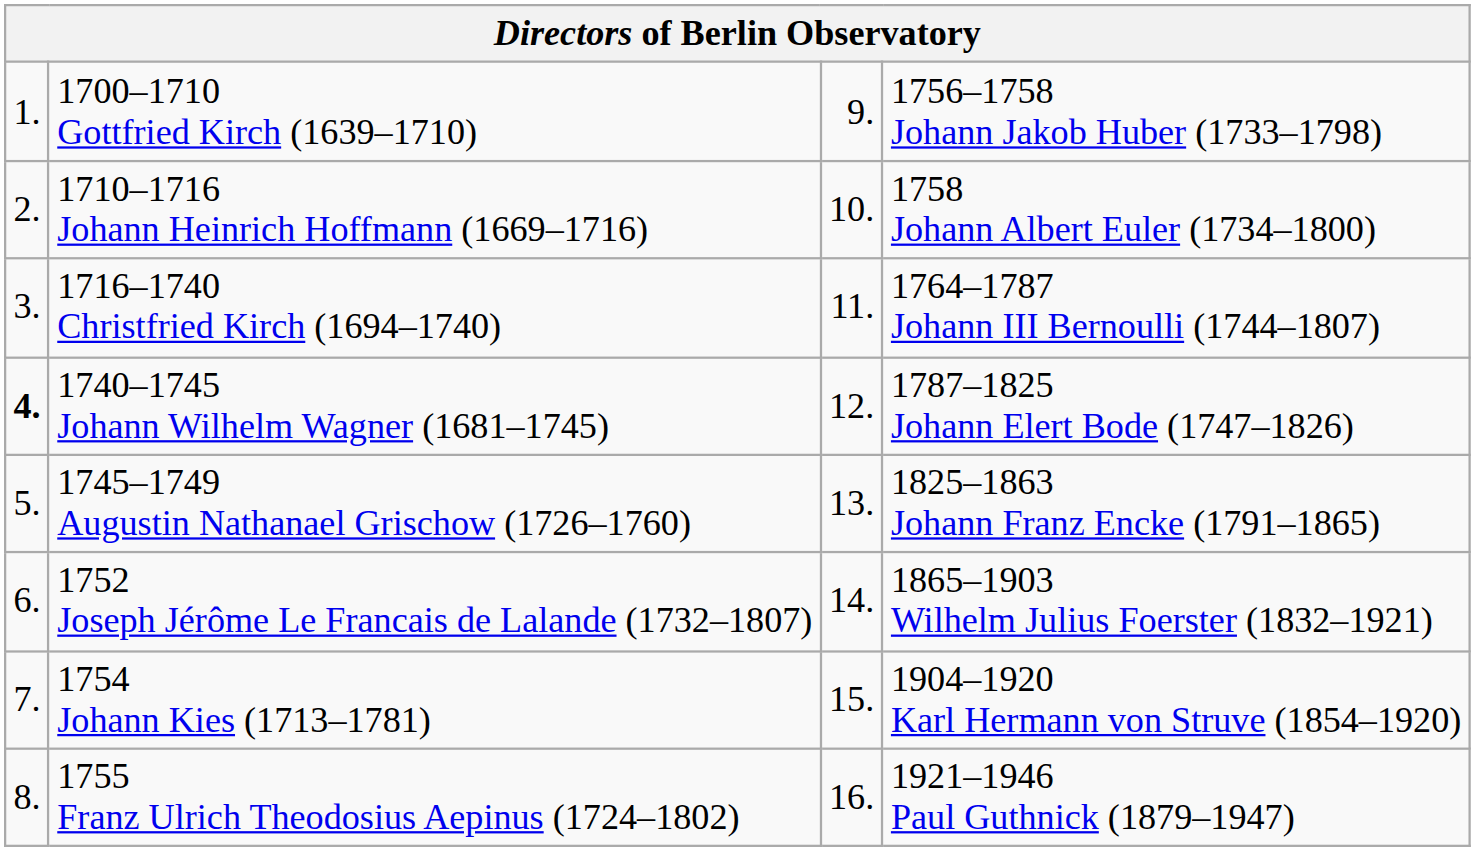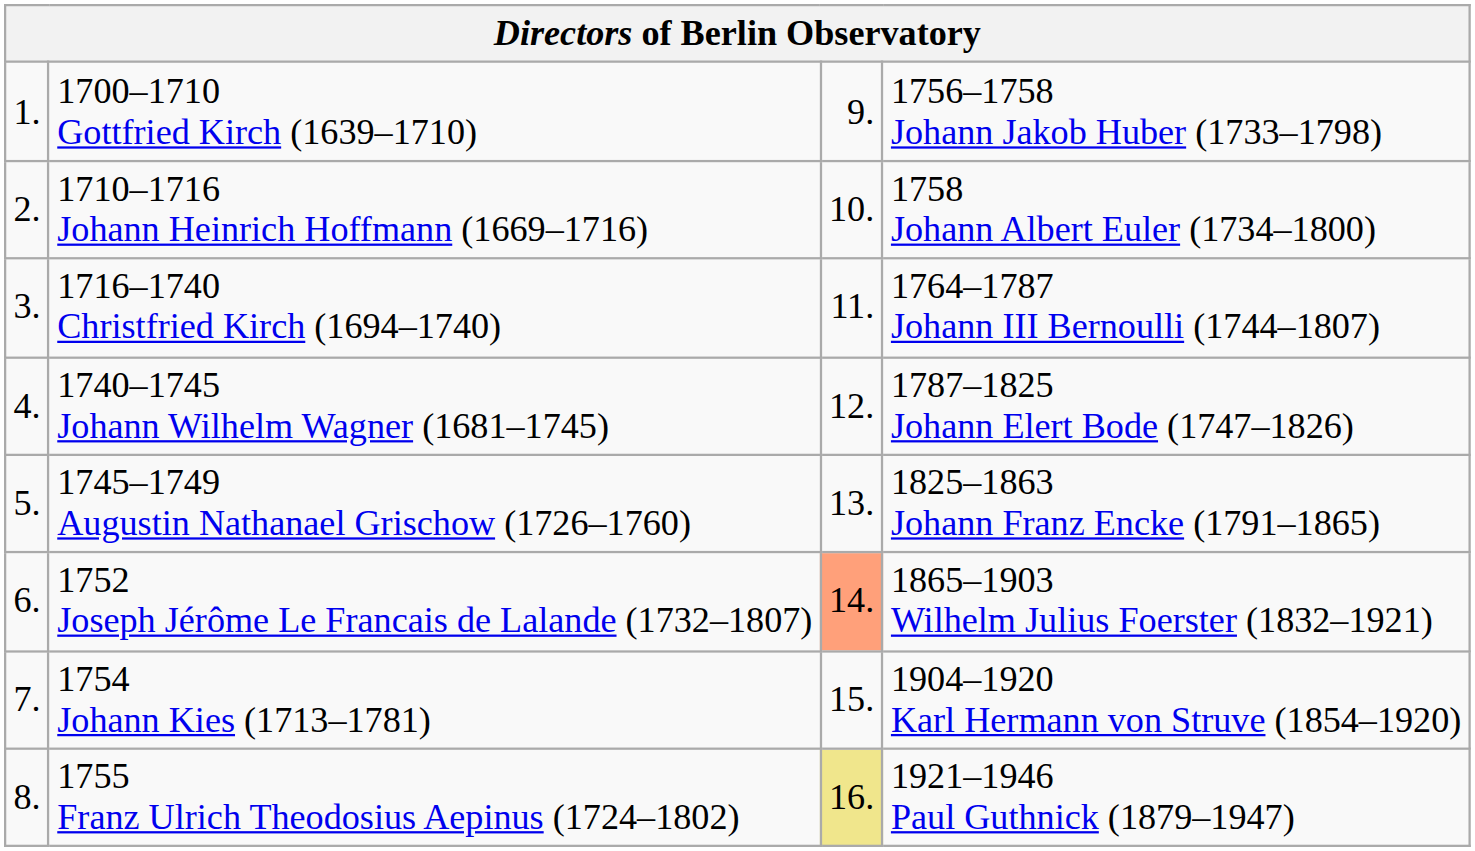 <table class="wikitable">
 <tr ---->
 <th bgcolor="#dfdfdf" colspan="4"><em>Directors</em> of Berlin Observatory</th>
 </tr>
 <tr ---->
 <td align="right">1.</td>
 <td>1700–1710 <br> <a href='#'>Gottfried Kirch</a> (1639–1710)</td>
 <td align="right">9.</td>
 <td>1756–1758 <br> <a href='#'>Johann Jakob Huber</a> (1733–1798)</td>
 </tr>
 <tr ---->
 <td align="right">2.</td>
 <td>1710–1716 <br> <a href='#'>Johann Heinrich Hoffmann</a> (1669–1716)</td>
 <td align="right">10.</td>
 <td>1758 <br> <a href='#'>Johann Albert Euler</a> (1734–1800)</td>
 </tr>
 <tr ---->
 <td align="right">3.</td>
 <td>1716–1740 <br> <a href='#'>Christfried Kirch</a> (1694–1740)</td>
 <td align="right">11.</td>
 <td>1764–1787 <br> <a href='#'>Johann III Bernoulli</a> (1744–1807)</td>
 </tr>
 <tr ---->
-<td align="right"><strong>4.</strong></td>
+<td align="right">4.</td>
 <td>1740–1745 <br> <a href='#'>Johann Wilhelm Wagner</a> (1681–1745)</td>
 <td align="right">12.</td>
 <td>1787–1825 <br> <a href='#'>Johann Elert Bode</a> (1747–1826)</td>
 </tr>
 <tr ---->
 <td align="right">5.</td>
 <td>1745–1749 <br> <a href='#'>Augustin Nathanael Grischow</a> (1726–1760)</td>
 <td align="right">13.</td>
 <td>1825–1863 <br> <a href='#'>Johann Franz Encke</a> (1791–1865)</td>
 </tr>
 <tr ---->
 <td align="right">6.</td>
 <td>1752 <br> <a href='#'>Joseph Jérôme Le Francais de Lalande</a> (1732–1807)</td>
-<td align="right">14.</td>
+<td align="right" style="background: lightsalmon;">14.</td>
 <td>1865–1903 <br> <a href='#'>Wilhelm Julius Foerster</a> (1832–1921)</td>
 </tr>
 <tr ---->
 <td align="right">7.</td>
 <td>1754 <br> <a href='#'>Johann Kies</a> (1713–1781)</td>
 <td align="right">15.</td>
 <td>1904–1920 <br> <a href='#'>Karl Hermann von Struve</a> (1854–1920)</td>
 </tr>
 <tr ---->
 <td align="right">8.</td>
 <td>1755 <br> <a href='#'>Franz Ulrich Theodosius Aepinus</a> (1724–1802)</td>
-<td align="right">16.</td>
+<td align="right" style="background: khaki;">16.</td>
 <td>1921–1946 <br> <a href='#'>Paul Guthnick</a> (1879–1947)</td>
 </tr>
 </table>
